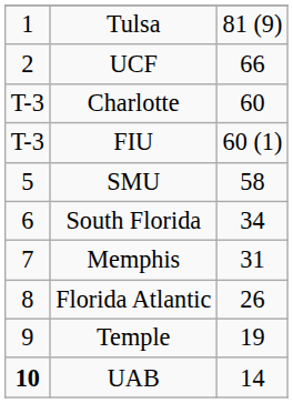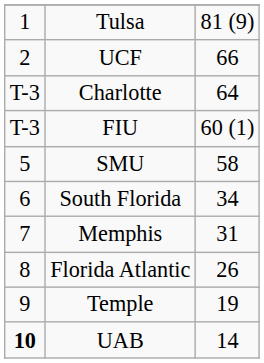 <table class="wikitable" style="display: inline-table;">
 <tr align="center">
 </tr>
 <tr align="center">
 <td>1</td>
 <td>Tulsa</td>
 <td>81 (9)</td>
 </tr>
 <tr align="center">
 <td>2</td>
 <td>UCF</td>
 <td>66</td>
 </tr>
 <tr align="center">
 <td>T-3</td>
 <td>Charlotte</td>
-<td>60</td>
+<td>64</td>
 </tr>
 <tr align="center">
 <td>T-3</td>
 <td>FIU</td>
 <td>60 (1)</td>
 </tr>
 <tr align="center">
 <td>5</td>
 <td>SMU</td>
 <td>58</td>
 </tr>
 <tr align="center">
 <td>6</td>
 <td>South Florida</td>
 <td>34</td>
 </tr>
 <tr align="center">
 <td>7</td>
 <td>Memphis</td>
 <td>31</td>
 </tr>
 <tr align="center">
 <td>8</td>
 <td>Florida Atlantic</td>
 <td>26</td>
 </tr>
 <tr align="center">
 <td>9</td>
 <td>Temple</td>
 <td>19</td>
 </tr>
 <tr align="center">
 <td><strong>10</strong></td>
 <td>UAB</td>
 <td>14</td>
 </tr>
 </table>
